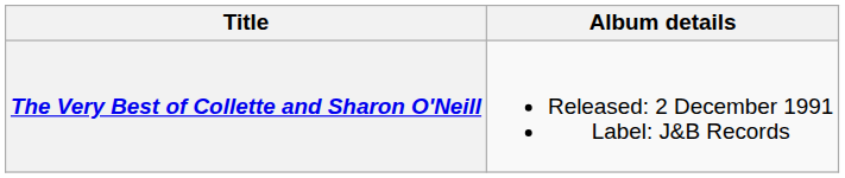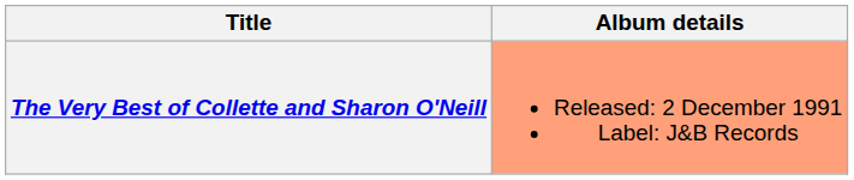 <table class="wikitable plainrowheaders" style="text-align:center;" border="1">
 <tr>
 <th scope="col" rowspan="1">Title</th>
 <th scope="col" rowspan="1">Album details</th>
 </tr>
 <tr>
 <th scope="row"><em><a href='#'>The Very Best of Collette and Sharon O'Neill</a></em></th>
-<td><br><ul><li>Released: 2 December 1991</li><li>Label: J&B Records</li></ul></td>
+<td style="background: lightsalmon;"><br><ul><li>Released: 2 December 1991</li><li>Label: J&B Records</li></ul></td>
 </tr>
 </table>
